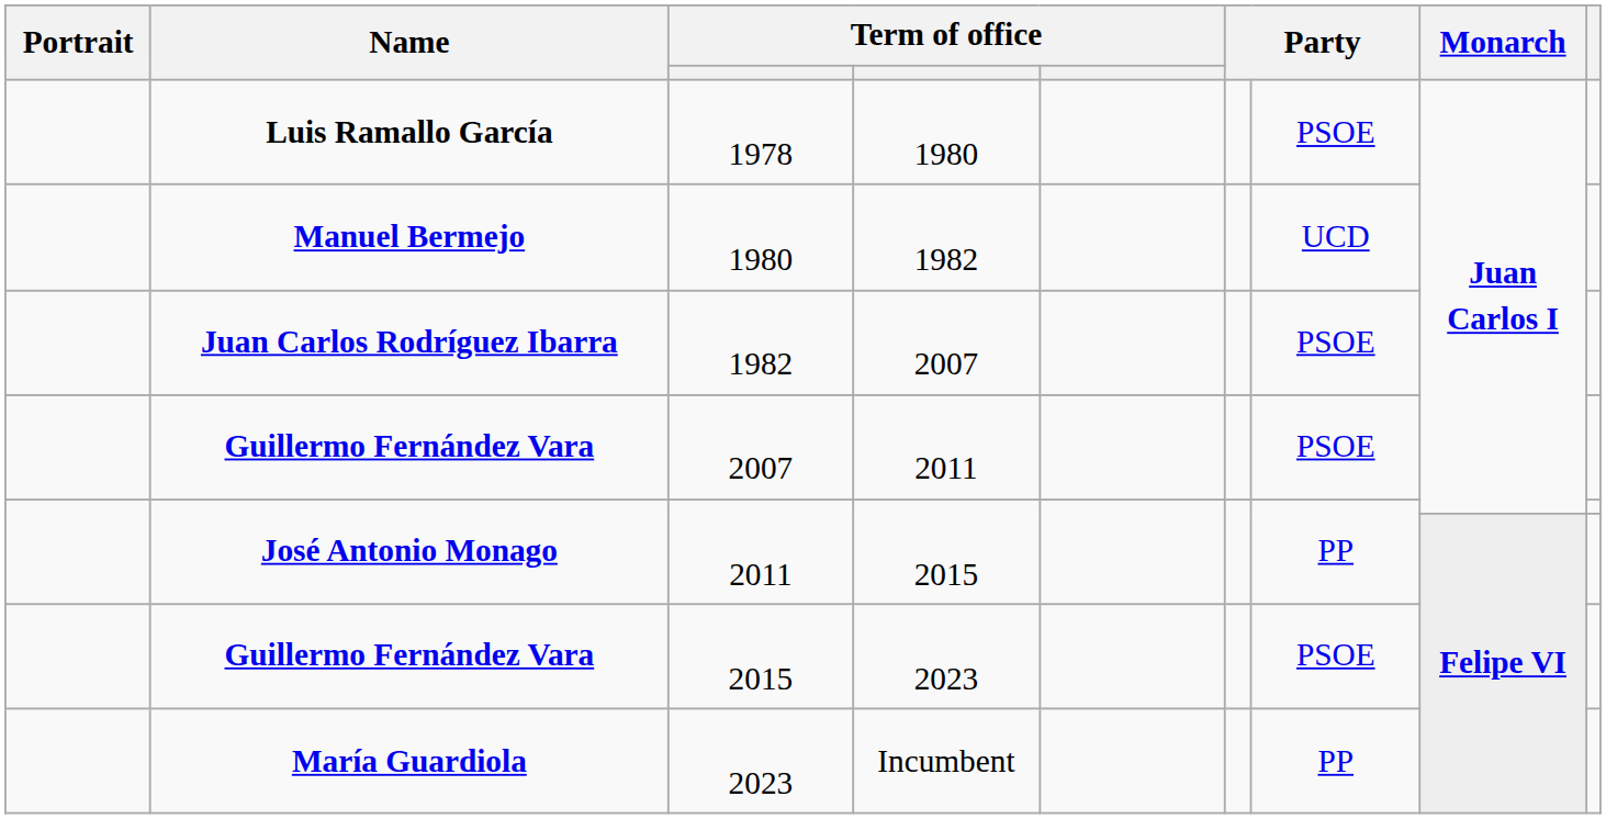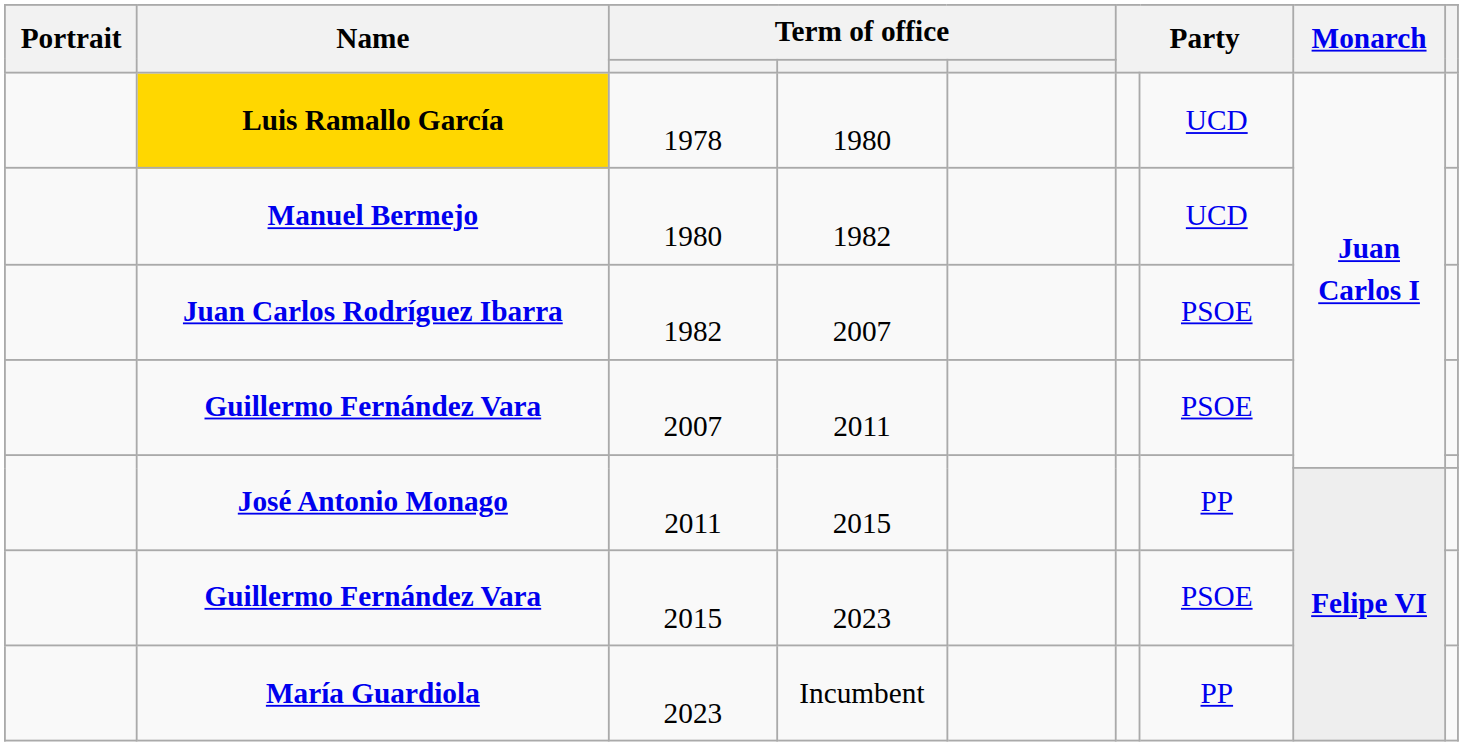 <table class="wikitable" style="line-height:1.4em; text-align:center; border:1px #aaf solid;">
 <tr>
 <th rowspan="2" width="65">Portrait</th>
 <th rowspan="2" width="250">Name<br></th>
 <th colspan="3">Term of office</th>
 <th rowspan="2" colspan="2" width="90">Party</th>
 <th rowspan="2" width="75"><a href='#'>Monarch</a><br></th>
 <th rowspan="2"></th>
 </tr>
 <tr>
 <th width="85"></th>
 <th width="85"></th>
 <th width="85"></th>
 </tr>
 <tr>
 <td></td>
-<td><strong>Luis Ramallo García</strong><br></td>
+<td style="background: gold;"><strong>Luis Ramallo García</strong><br></td>
 <td><br>1978</td>
 <td><br>1980</td>
 <td></td>
 <td style="background:"></td>
-<td><a href='#'>PSOE</a></td>
+<td><a href='#'>UCD</a></td>
 <td rowspan="5"><br><strong><a href='#'>Juan Carlos I</a></strong><br><br></td>
 <td></td>
 </tr>
 <tr>
 <td></td>
 <td><strong><a href='#'>Manuel Bermejo</a></strong><br></td>
 <td class="nowrap"><br>1980</td>
 <td class="nowrap"><br>1982</td>
 <td style="font-size:95%;"></td>
 <td style="background:"></td>
 <td><a href='#'>UCD</a></td>
 <td></td>
 </tr>
 <tr>
 <td></td>
 <td><strong><a href='#'>Juan Carlos Rodríguez Ibarra</a></strong><br></td>
 <td class="nowrap"><br>1982</td>
 <td class="nowrap"><br>2007</td>
 <td style="font-size:95%;"></td>
 <td style="background:"></td>
 <td><a href='#'>PSOE</a></td>
 <td></td>
 </tr>
 <tr>
 <td></td>
 <td><strong><a href='#'>Guillermo Fernández Vara</a></strong><br></td>
 <td class="nowrap"><br>2007</td>
 <td class="nowrap"><br>2011</td>
 <td style="font-size:95%;"></td>
 <td style="background:"></td>
 <td><a href='#'>PSOE</a></td>
 <td></td>
 </tr>
 <tr>
 <td rowspan="2"></td>
 <td rowspan="2"><strong><a href='#'>José Antonio Monago</a></strong><br></td>
 <td rowspan="2"><br>2011</td>
 <td rowspan="2"><br>2015</td>
 <td rowspan="2"></td>
 <td rowspan="2" style="background:"></td>
 <td rowspan="2"><a href='#'>PP</a></td>
 <td></td>
 </tr>
 <tr>
 <td scope="row" style="text-align:center;" rowspan="3" bgcolor="#EEEEEE"><br><strong><a href='#'>Felipe VI</a></strong><br><br></td>
 <td></td>
 </tr>
 <tr>
 <td></td>
 <td><strong><a href='#'>Guillermo Fernández Vara</a></strong><br></td>
 <td class="nowrap"><br>2015</td>
 <td class="nowrap"><br>2023</td>
 <td style="font-size:95%;"></td>
 <td style="background:"></td>
 <td><a href='#'>PSOE</a></td>
 <td></td>
 </tr>
 <tr>
 <td></td>
 <td><strong><a href='#'>María Guardiola</a></strong><br></td>
 <td><br>2023</td>
 <td>Incumbent</td>
 <td></td>
 <td style="background:"></td>
 <td><a href='#'>PP</a></td>
 <td></td>
 </tr>
 </table>
